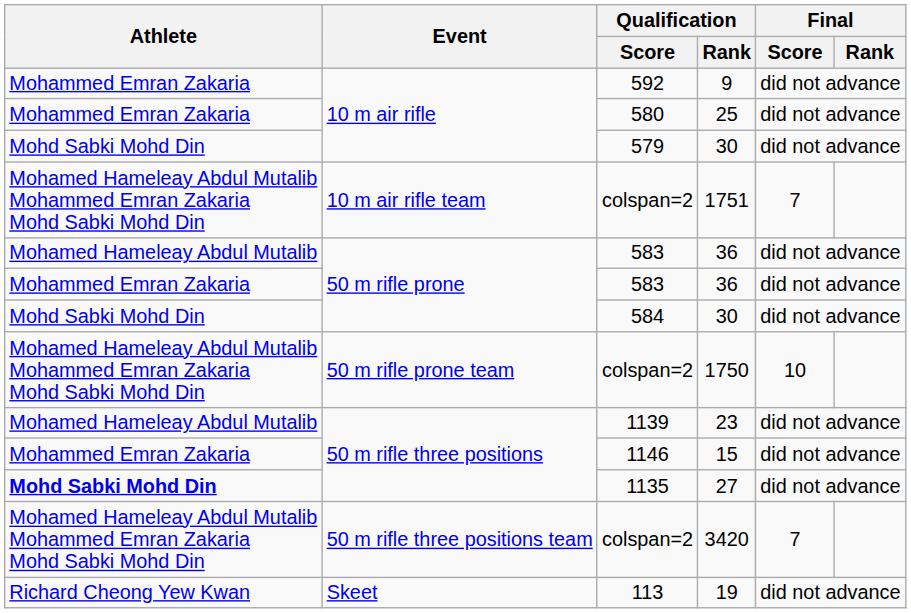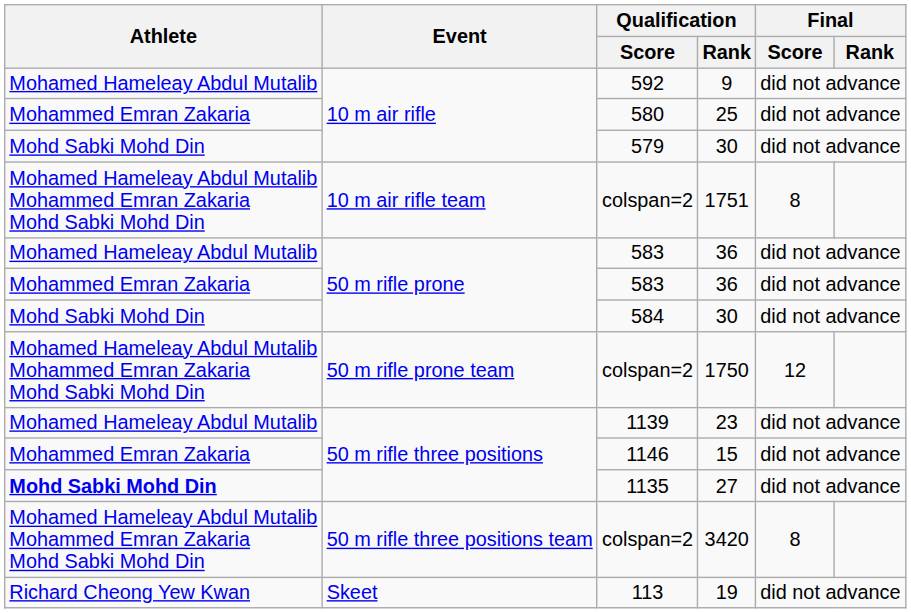 <table class=wikitable style="text-align:center; font-size:90%">
 <tr>
 <th rowspan=2>Athlete</th>
 <th rowspan=2>Event</th>
 <th colspan=2>Qualification</th>
 <th colspan=2>Final</th>
 </tr>
 <tr>
 <th>Score</th>
 <th>Rank</th>
 <th>Score</th>
 <th>Rank</th>
 </tr>
 <tr>
-<td align=left><a href='#'>Mohammed Emran Zakaria</a></td>
+<td align=left><a href='#'>Mohamed Hameleay Abdul Mutalib</a></td>
 <td align=left rowspan=3><a href='#'>10 m air rifle</a></td>
 <td>592</td>
 <td>9</td>
 <td colspan=2>did not advance</td>
 </tr>
 <tr>
 <td align=left><a href='#'>Mohammed Emran Zakaria</a></td>
 <td>580</td>
 <td>25</td>
 <td colspan=2>did not advance</td>
 </tr>
 <tr>
 <td align=left><a href='#'>Mohd Sabki Mohd Din</a></td>
 <td>579</td>
 <td>30</td>
 <td colspan=2>did not advance</td>
 </tr>
 <tr>
 <td align=left><a href='#'>Mohamed Hameleay Abdul Mutalib</a><br><a href='#'>Mohammed Emran Zakaria</a><br><a href='#'>Mohd Sabki Mohd Din</a></td>
 <td align=left><a href='#'>10 m air rifle team</a></td>
 <td>colspan=2 </td>
 <td>1751</td>
-<td>7</td>
+<td>8</td>
 </tr>
 <tr>
 <td align=left><a href='#'>Mohamed Hameleay Abdul Mutalib</a></td>
 <td align=left rowspan=3><a href='#'>50 m rifle prone</a></td>
 <td>583</td>
 <td>36</td>
 <td colspan=2>did not advance</td>
 </tr>
 <tr>
 <td align=left><a href='#'>Mohammed Emran Zakaria</a></td>
 <td>583</td>
 <td>36</td>
 <td colspan=2>did not advance</td>
 </tr>
 <tr>
 <td align=left><a href='#'>Mohd Sabki Mohd Din</a></td>
 <td>584</td>
 <td>30</td>
 <td colspan=2>did not advance</td>
 </tr>
 <tr>
 <td align=left><a href='#'>Mohamed Hameleay Abdul Mutalib</a><br><a href='#'>Mohammed Emran Zakaria</a><br><a href='#'>Mohd Sabki Mohd Din</a></td>
 <td align=left><a href='#'>50 m rifle prone team</a></td>
 <td>colspan=2 </td>
 <td>1750</td>
-<td>10</td>
+<td>12</td>
 </tr>
 <tr>
 <td align=left><a href='#'>Mohamed Hameleay Abdul Mutalib</a></td>
 <td align=left rowspan=3><a href='#'>50 m rifle three positions</a></td>
 <td>1139</td>
 <td>23</td>
 <td colspan=2>did not advance</td>
 </tr>
 <tr>
 <td align=left><a href='#'>Mohammed Emran Zakaria</a></td>
 <td>1146</td>
 <td>15</td>
 <td colspan=2>did not advance</td>
 </tr>
 <tr>
 <td align=left><strong><a href='#'>Mohd Sabki Mohd Din</a></strong></td>
 <td>1135</td>
 <td>27</td>
 <td colspan=2>did not advance</td>
 </tr>
 <tr>
 <td align=left><a href='#'>Mohamed Hameleay Abdul Mutalib</a><br><a href='#'>Mohammed Emran Zakaria</a><br><a href='#'>Mohd Sabki Mohd Din</a></td>
 <td align=left><a href='#'>50 m rifle three positions team</a></td>
 <td>colspan=2 </td>
 <td>3420</td>
-<td>7</td>
+<td>8</td>
 </tr>
 <tr>
 <td align=left><a href='#'>Richard Cheong Yew Kwan</a></td>
 <td align=left><a href='#'>Skeet</a></td>
 <td>113</td>
 <td>19</td>
 <td colspan=2>did not advance</td>
 </tr>
 </table>
